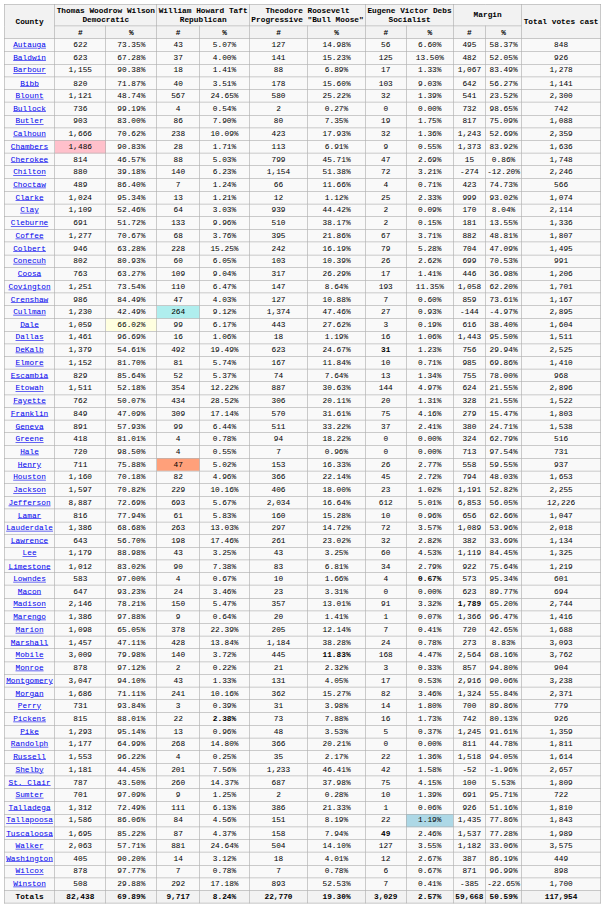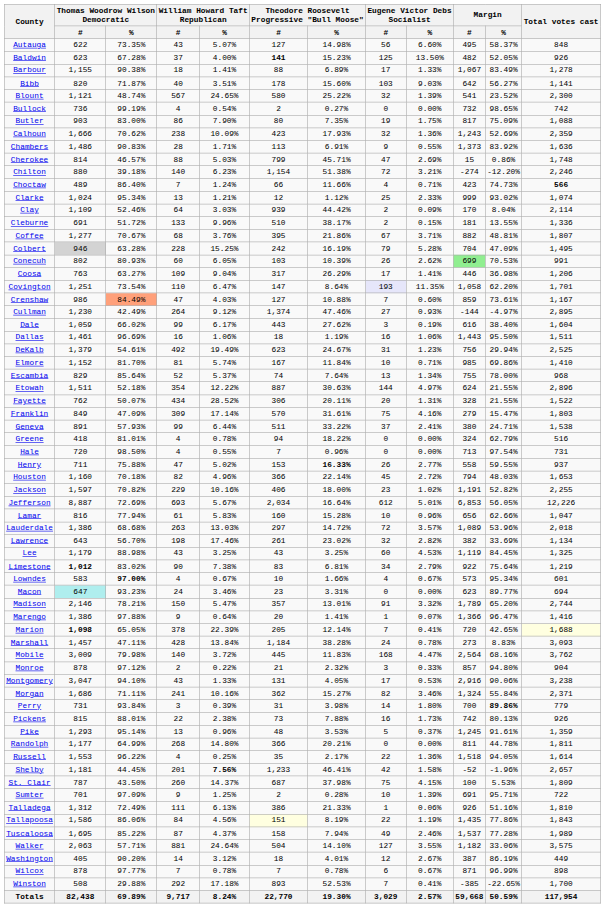 <table class="wikitable sortable mw-collapsible mw-collapsed">
 <tr>
 <th style="text-align:center;" rowspan="2">County</th>
 <th style="text-align:center;" colspan="2">Thomas Woodrow Wilson<br>Democratic</th>
 <th style="text-align:center;" colspan="2">William Howard Taft<br>Republican</th>
 <th style="text-align:center;" colspan="2">Theodore Roosevelt<br>Progressive "Bull Moose"</th>
 <th style="text-align:center;" colspan="2">Eugene Victor Debs<br>Socialist</th>
 <th style="text-align:center;" colspan="2">Margin</th>
 <th style="text-align:center;" rowspan="2">Total votes cast</th>
 </tr>
 <tr>
 <th style="text-align:center;" data-sort-type="number">#</th>
 <th style="text-align:center;" data-sort-type="number">%</th>
 <th style="text-align:center;" data-sort-type="number">#</th>
 <th style="text-align:center;" data-sort-type="number">%</th>
 <th style="text-align:center;" data-sort-type="number">#</th>
 <th style="text-align:center;" data-sort-type="number">%</th>
 <th style="text-align:center;" data-sort-type="number">#</th>
 <th style="text-align:center;" data-sort-type="number">%</th>
 <th style="text-align:center;" data-sort-type="number">#</th>
 <th style="text-align:center;" data-sort-type="number">%</th>
 </tr>
 <tr style="text-align:center;">
 <td><a href='#'>Autauga</a></td>
 <td>622</td>
 <td>73.35%</td>
 <td>43</td>
 <td>5.07%</td>
 <td>127</td>
 <td>14.98%</td>
 <td>56</td>
 <td>6.60%</td>
 <td>495</td>
 <td>58.37%</td>
 <td>848</td>
 </tr>
 <tr style="text-align:center;">
 <td><a href='#'>Baldwin</a></td>
 <td>623</td>
 <td>67.28%</td>
 <td>37</td>
 <td>4.00%</td>
-<td>141</td>
+<td><strong>141</strong></td>
 <td>15.23%</td>
 <td>125</td>
 <td>13.50%</td>
 <td>482</td>
 <td>52.05%</td>
 <td>926</td>
 </tr>
 <tr style="text-align:center;">
 <td><a href='#'>Barbour</a></td>
 <td>1,155</td>
 <td>90.38%</td>
 <td>18</td>
 <td>1.41%</td>
 <td>88</td>
 <td>6.89%</td>
 <td>17</td>
 <td>1.33%</td>
 <td>1,067</td>
 <td>83.49%</td>
 <td>1,278</td>
 </tr>
 <tr style="text-align:center;">
 <td><a href='#'>Bibb</a></td>
 <td>820</td>
 <td>71.87%</td>
 <td>40</td>
 <td>3.51%</td>
 <td>178</td>
 <td>15.60%</td>
 <td>103</td>
 <td>9.03%</td>
 <td>642</td>
 <td>56.27%</td>
 <td>1,141</td>
 </tr>
 <tr style="text-align:center;">
 <td><a href='#'>Blount</a></td>
 <td>1,121</td>
 <td>48.74%</td>
 <td>567</td>
 <td>24.65%</td>
 <td>580</td>
 <td>25.22%</td>
 <td>32</td>
 <td>1.39%</td>
 <td>541</td>
 <td>23.52%</td>
 <td>2,300</td>
 </tr>
 <tr style="text-align:center;">
 <td><a href='#'>Bullock</a></td>
 <td>736</td>
 <td>99.19%</td>
 <td>4</td>
 <td>0.54%</td>
 <td>2</td>
 <td>0.27%</td>
 <td>0</td>
 <td>0.00%</td>
 <td>732</td>
 <td>98.65%</td>
 <td>742</td>
 </tr>
 <tr style="text-align:center;">
 <td><a href='#'>Butler</a></td>
 <td>903</td>
 <td>83.00%</td>
 <td>86</td>
 <td>7.90%</td>
 <td>80</td>
 <td>7.35%</td>
 <td>19</td>
 <td>1.75%</td>
 <td>817</td>
 <td>75.09%</td>
 <td>1,088</td>
 </tr>
 <tr style="text-align:center;">
 <td><a href='#'>Calhoun</a></td>
 <td>1,666</td>
 <td>70.62%</td>
 <td>238</td>
 <td>10.09%</td>
 <td>423</td>
 <td>17.93%</td>
 <td>32</td>
 <td>1.36%</td>
 <td>1,243</td>
 <td>52.69%</td>
 <td>2,359</td>
 </tr>
 <tr style="text-align:center;">
 <td><a href='#'>Chambers</a></td>
-<td style="background: pink;">1,486</td>
+<td>1,486</td>
 <td>90.83%</td>
 <td>28</td>
 <td>1.71%</td>
 <td>113</td>
 <td>6.91%</td>
 <td>9</td>
 <td>0.55%</td>
 <td>1,373</td>
 <td>83.92%</td>
 <td>1,636</td>
 </tr>
 <tr style="text-align:center;">
 <td><a href='#'>Cherokee</a></td>
 <td>814</td>
 <td>46.57%</td>
 <td>88</td>
 <td>5.03%</td>
 <td>799</td>
 <td>45.71%</td>
 <td>47</td>
 <td>2.69%</td>
 <td>15</td>
 <td>0.86%</td>
 <td>1,748</td>
 </tr>
 <tr style="text-align:center;">
 <td><a href='#'>Chilton</a></td>
 <td>880</td>
 <td>39.18%</td>
 <td>140</td>
 <td>6.23%</td>
 <td>1,154</td>
 <td>51.38%</td>
 <td>72</td>
 <td>3.21%</td>
 <td>-274</td>
 <td>-12.20%</td>
 <td>2,246</td>
 </tr>
 <tr style="text-align:center;">
 <td><a href='#'>Choctaw</a></td>
 <td>489</td>
 <td>86.40%</td>
 <td>7</td>
 <td>1.24%</td>
 <td>66</td>
 <td>11.66%</td>
 <td>4</td>
 <td>0.71%</td>
 <td>423</td>
 <td>74.73%</td>
-<td>566</td>
+<td><strong>566</strong></td>
 </tr>
 <tr style="text-align:center;">
 <td><a href='#'>Clarke</a></td>
 <td>1,024</td>
 <td>95.34%</td>
 <td>13</td>
 <td>1.21%</td>
 <td>12</td>
 <td>1.12%</td>
 <td>25</td>
 <td>2.33%</td>
 <td>999</td>
 <td>93.02%</td>
 <td>1,074</td>
 </tr>
 <tr style="text-align:center;">
 <td><a href='#'>Clay</a></td>
 <td>1,109</td>
 <td>52.46%</td>
 <td>64</td>
 <td>3.03%</td>
 <td>939</td>
 <td>44.42%</td>
 <td>2</td>
 <td>0.09%</td>
 <td>170</td>
 <td>8.04%</td>
 <td>2,114</td>
 </tr>
 <tr style="text-align:center;">
 <td><a href='#'>Cleburne</a></td>
 <td>691</td>
 <td>51.72%</td>
 <td>133</td>
 <td>9.96%</td>
 <td>510</td>
 <td>38.17%</td>
 <td>2</td>
 <td>0.15%</td>
 <td>181</td>
 <td>13.55%</td>
 <td>1,336</td>
 </tr>
 <tr style="text-align:center;">
 <td><a href='#'>Coffee</a></td>
 <td>1,277</td>
 <td>70.67%</td>
 <td>68</td>
 <td>3.76%</td>
 <td>395</td>
 <td>21.86%</td>
 <td>67</td>
 <td>3.71%</td>
 <td>882</td>
 <td>48.81%</td>
 <td>1,807</td>
 </tr>
 <tr style="text-align:center;">
 <td><a href='#'>Colbert</a></td>
-<td>946</td>
+<td style="background: lightgrey;">946</td>
 <td>63.28%</td>
 <td>228</td>
 <td>15.25%</td>
 <td>242</td>
 <td>16.19%</td>
 <td>79</td>
 <td>5.28%</td>
 <td>704</td>
 <td>47.09%</td>
 <td>1,495</td>
 </tr>
 <tr style="text-align:center;">
 <td><a href='#'>Conecuh</a></td>
 <td>802</td>
 <td>80.93%</td>
 <td>60</td>
 <td>6.05%</td>
 <td>103</td>
 <td>10.39%</td>
 <td>26</td>
 <td>2.62%</td>
-<td>699</td>
+<td style="background: lightgreen;">699</td>
 <td>70.53%</td>
 <td>991</td>
 </tr>
 <tr style="text-align:center;">
 <td><a href='#'>Coosa</a></td>
 <td>763</td>
 <td>63.27%</td>
 <td>109</td>
 <td>9.04%</td>
 <td>317</td>
 <td>26.29%</td>
 <td>17</td>
 <td>1.41%</td>
 <td>446</td>
 <td>36.98%</td>
 <td>1,206</td>
 </tr>
 <tr style="text-align:center;">
 <td><a href='#'>Covington</a></td>
 <td>1,251</td>
 <td>73.54%</td>
 <td>110</td>
 <td>6.47%</td>
 <td>147</td>
 <td>8.64%</td>
-<td>193</td>
+<td style="background: lavender;">193</td>
 <td>11.35%</td>
 <td>1,058</td>
 <td>62.20%</td>
 <td>1,701</td>
 </tr>
 <tr style="text-align:center;">
 <td><a href='#'>Crenshaw</a></td>
 <td>986</td>
-<td>84.49%</td>
+<td style="background: lightsalmon;">84.49%</td>
 <td>47</td>
 <td>4.03%</td>
 <td>127</td>
 <td>10.88%</td>
 <td>7</td>
 <td>0.60%</td>
 <td>859</td>
 <td>73.61%</td>
 <td>1,167</td>
 </tr>
 <tr style="text-align:center;">
 <td><a href='#'>Cullman</a></td>
 <td>1,230</td>
 <td>42.49%</td>
-<td style="background: paleturquoise;">264</td>
+<td>264</td>
 <td>9.12%</td>
 <td>1,374</td>
 <td>47.46%</td>
 <td>27</td>
 <td>0.93%</td>
 <td>-144</td>
 <td>-4.97%</td>
 <td>2,895</td>
 </tr>
 <tr style="text-align:center;">
 <td><a href='#'>Dale</a></td>
 <td>1,059</td>
-<td style="background: lightyellow;">66.02%</td>
+<td>66.02%</td>
 <td>99</td>
 <td>6.17%</td>
 <td>443</td>
 <td>27.62%</td>
 <td>3</td>
 <td>0.19%</td>
 <td>616</td>
 <td>38.40%</td>
 <td>1,604</td>
 </tr>
 <tr style="text-align:center;">
 <td><a href='#'>Dallas</a></td>
 <td>1,461</td>
 <td>96.69%</td>
 <td>16</td>
 <td>1.06%</td>
 <td>18</td>
 <td>1.19%</td>
 <td>16</td>
 <td>1.06%</td>
 <td>1,443</td>
 <td>95.50%</td>
 <td>1,511</td>
 </tr>
 <tr style="text-align:center;">
 <td><a href='#'>DeKalb</a></td>
 <td>1,379</td>
 <td>54.61%</td>
 <td>492</td>
 <td>19.49%</td>
 <td>623</td>
 <td>24.67%</td>
-<td><strong>31</strong></td>
+<td>31</td>
 <td>1.23%</td>
 <td>756</td>
 <td>29.94%</td>
 <td>2,525</td>
 </tr>
 <tr style="text-align:center;">
 <td><a href='#'>Elmore</a></td>
 <td>1,152</td>
 <td>81.70%</td>
 <td>81</td>
 <td>5.74%</td>
 <td>167</td>
 <td>11.84%</td>
 <td>10</td>
 <td>0.71%</td>
 <td>985</td>
 <td>69.86%</td>
 <td>1,410</td>
 </tr>
 <tr style="text-align:center;">
 <td><a href='#'>Escambia</a></td>
 <td>829</td>
 <td>85.64%</td>
 <td>52</td>
 <td>5.37%</td>
 <td>74</td>
 <td>7.64%</td>
 <td>13</td>
 <td>1.34%</td>
 <td>755</td>
 <td>78.00%</td>
 <td>968</td>
 </tr>
 <tr style="text-align:center;">
 <td><a href='#'>Etowah</a></td>
 <td>1,511</td>
 <td>52.18%</td>
 <td>354</td>
 <td>12.22%</td>
 <td>887</td>
 <td>30.63%</td>
 <td>144</td>
 <td>4.97%</td>
 <td>624</td>
 <td>21.55%</td>
 <td>2,896</td>
 </tr>
 <tr style="text-align:center;">
 <td><a href='#'>Fayette</a></td>
 <td>762</td>
 <td>50.07%</td>
 <td>434</td>
 <td>28.52%</td>
 <td>306</td>
 <td>20.11%</td>
 <td>20</td>
 <td>1.31%</td>
 <td>328</td>
 <td>21.55%</td>
 <td>1,522</td>
 </tr>
 <tr style="text-align:center;">
 <td><a href='#'>Franklin</a></td>
 <td>849</td>
 <td>47.09%</td>
 <td>309</td>
 <td>17.14%</td>
 <td>570</td>
 <td>31.61%</td>
 <td>75</td>
 <td>4.16%</td>
 <td>279</td>
 <td>15.47%</td>
 <td>1,803</td>
 </tr>
 <tr style="text-align:center;">
 <td><a href='#'>Geneva</a></td>
 <td>891</td>
 <td>57.93%</td>
 <td>99</td>
 <td>6.44%</td>
 <td>511</td>
 <td>33.22%</td>
 <td>37</td>
 <td>2.41%</td>
 <td>380</td>
 <td>24.71%</td>
 <td>1,538</td>
 </tr>
 <tr style="text-align:center;">
 <td><a href='#'>Greene</a></td>
 <td>418</td>
 <td>81.01%</td>
 <td>4</td>
 <td>0.78%</td>
 <td>94</td>
 <td>18.22%</td>
 <td>0</td>
 <td>0.00%</td>
 <td>324</td>
 <td>62.79%</td>
 <td>516</td>
 </tr>
 <tr style="text-align:center;">
 <td><a href='#'>Hale</a></td>
 <td>720</td>
 <td>98.50%</td>
 <td>4</td>
 <td>0.55%</td>
 <td>7</td>
 <td>0.96%</td>
 <td>0</td>
 <td>0.00%</td>
 <td>713</td>
 <td>97.54%</td>
 <td>731</td>
 </tr>
 <tr style="text-align:center;">
 <td><a href='#'>Henry</a></td>
 <td>711</td>
 <td>75.88%</td>
-<td style="background: lightsalmon;">47</td>
+<td>47</td>
 <td>5.02%</td>
 <td>153</td>
-<td>16.33%</td>
+<td><strong>16.33%</strong></td>
 <td>26</td>
 <td>2.77%</td>
 <td>558</td>
 <td>59.55%</td>
 <td>937</td>
 </tr>
 <tr style="text-align:center;">
 <td><a href='#'>Houston</a></td>
 <td>1,160</td>
 <td>70.18%</td>
 <td>82</td>
 <td>4.96%</td>
 <td>366</td>
 <td>22.14%</td>
 <td>45</td>
 <td>2.72%</td>
 <td>794</td>
 <td>48.03%</td>
 <td>1,653</td>
 </tr>
 <tr style="text-align:center;">
 <td><a href='#'>Jackson</a></td>
 <td>1,597</td>
 <td>70.82%</td>
 <td>229</td>
 <td>10.16%</td>
 <td>406</td>
 <td>18.00%</td>
 <td>23</td>
 <td>1.02%</td>
 <td>1,191</td>
 <td>52.82%</td>
 <td>2,255</td>
 </tr>
 <tr style="text-align:center;">
 <td><a href='#'>Jefferson</a></td>
 <td>8,887</td>
 <td>72.69%</td>
 <td>693</td>
 <td>5.67%</td>
 <td>2,034</td>
 <td>16.64%</td>
 <td>612</td>
 <td>5.01%</td>
 <td>6,853</td>
 <td>56.05%</td>
 <td>12,226</td>
 </tr>
 <tr style="text-align:center;">
 <td><a href='#'>Lamar</a></td>
 <td>816</td>
 <td>77.94%</td>
 <td>61</td>
 <td>5.83%</td>
 <td>160</td>
 <td>15.28%</td>
 <td>10</td>
 <td>0.96%</td>
 <td>656</td>
 <td>62.66%</td>
 <td>1,047</td>
 </tr>
 <tr style="text-align:center;">
 <td><a href='#'>Lauderdale</a></td>
 <td>1,386</td>
 <td>68.68%</td>
 <td>263</td>
 <td>13.03%</td>
 <td>297</td>
 <td>14.72%</td>
 <td>72</td>
 <td>3.57%</td>
 <td>1,089</td>
 <td>53.96%</td>
 <td>2,018</td>
 </tr>
 <tr style="text-align:center;">
 <td><a href='#'>Lawrence</a></td>
 <td>643</td>
 <td>56.70%</td>
 <td>198</td>
 <td>17.46%</td>
 <td>261</td>
 <td>23.02%</td>
 <td>32</td>
 <td>2.82%</td>
 <td>382</td>
 <td>33.69%</td>
 <td>1,134</td>
 </tr>
 <tr style="text-align:center;">
 <td><a href='#'>Lee</a></td>
 <td>1,179</td>
 <td>88.98%</td>
 <td>43</td>
 <td>3.25%</td>
 <td>43</td>
 <td>3.25%</td>
 <td>60</td>
 <td>4.53%</td>
 <td>1,119</td>
 <td>84.45%</td>
 <td>1,325</td>
 </tr>
 <tr style="text-align:center;">
 <td><a href='#'>Limestone</a></td>
-<td>1,012</td>
+<td><strong>1,012</strong></td>
 <td>83.02%</td>
 <td>90</td>
 <td>7.38%</td>
 <td>83</td>
 <td>6.81%</td>
 <td>34</td>
 <td>2.79%</td>
 <td>922</td>
 <td>75.64%</td>
 <td>1,219</td>
 </tr>
 <tr style="text-align:center;">
 <td><a href='#'>Lowndes</a></td>
 <td>583</td>
-<td>97.00%</td>
+<td><strong>97.00%</strong></td>
 <td>4</td>
 <td>0.67%</td>
 <td>10</td>
 <td>1.66%</td>
 <td>4</td>
-<td><strong>0.67%</strong></td>
+<td>0.67%</td>
 <td>573</td>
 <td>95.34%</td>
 <td>601</td>
 </tr>
 <tr style="text-align:center;">
 <td><a href='#'>Macon</a></td>
-<td>647</td>
+<td style="background: paleturquoise;">647</td>
 <td>93.23%</td>
 <td>24</td>
 <td>3.46%</td>
 <td>23</td>
 <td>3.31%</td>
 <td>0</td>
 <td>0.00%</td>
 <td>623</td>
 <td>89.77%</td>
 <td>694</td>
 </tr>
 <tr style="text-align:center;">
 <td><a href='#'>Madison</a></td>
 <td>2,146</td>
 <td>78.21%</td>
 <td>150</td>
 <td>5.47%</td>
 <td>357</td>
 <td>13.01%</td>
 <td>91</td>
 <td>3.32%</td>
-<td><strong>1,789</strong></td>
+<td>1,789</td>
 <td>65.20%</td>
 <td>2,744</td>
 </tr>
 <tr style="text-align:center;">
 <td><a href='#'>Marengo</a></td>
 <td>1,386</td>
 <td>97.88%</td>
 <td>9</td>
 <td>0.64%</td>
 <td>20</td>
 <td>1.41%</td>
 <td>1</td>
 <td>0.07%</td>
 <td>1,366</td>
 <td>96.47%</td>
 <td>1,416</td>
 </tr>
 <tr style="text-align:center;">
 <td><a href='#'>Marion</a></td>
-<td>1,098</td>
+<td><strong>1,098</strong></td>
 <td>65.05%</td>
 <td>378</td>
 <td>22.39%</td>
 <td>205</td>
 <td>12.14%</td>
 <td>7</td>
 <td>0.41%</td>
 <td>720</td>
 <td>42.65%</td>
-<td>1,688</td>
+<td style="background: lightyellow;">1,688</td>
 </tr>
 <tr style="text-align:center;">
 <td><a href='#'>Marshall</a></td>
 <td>1,457</td>
 <td>47.11%</td>
 <td>428</td>
 <td>13.84%</td>
 <td>1,184</td>
 <td>38.28%</td>
 <td>24</td>
 <td>0.78%</td>
 <td>273</td>
 <td>8.83%</td>
 <td>3,093</td>
 </tr>
 <tr style="text-align:center;">
 <td><a href='#'>Mobile</a></td>
 <td>3,009</td>
 <td>79.98%</td>
 <td>140</td>
 <td>3.72%</td>
 <td>445</td>
-<td><strong>11.83%</strong></td>
+<td>11.83%</td>
 <td>168</td>
 <td>4.47%</td>
 <td>2,564</td>
 <td>68.16%</td>
 <td>3,762</td>
 </tr>
 <tr style="text-align:center;">
 <td><a href='#'>Monroe</a></td>
 <td>878</td>
 <td>97.12%</td>
 <td>2</td>
 <td>0.22%</td>
 <td>21</td>
 <td>2.32%</td>
 <td>3</td>
 <td>0.33%</td>
 <td>857</td>
 <td>94.80%</td>
 <td>904</td>
 </tr>
 <tr style="text-align:center;">
 <td><a href='#'>Montgomery</a></td>
 <td>3,047</td>
 <td>94.10%</td>
 <td>43</td>
 <td>1.33%</td>
 <td>131</td>
 <td>4.05%</td>
 <td>17</td>
 <td>0.53%</td>
 <td>2,916</td>
 <td>90.06%</td>
 <td>3,238</td>
 </tr>
 <tr style="text-align:center;">
 <td><a href='#'>Morgan</a></td>
 <td>1,686</td>
 <td>71.11%</td>
 <td>241</td>
 <td>10.16%</td>
 <td>362</td>
 <td>15.27%</td>
 <td>82</td>
 <td>3.46%</td>
 <td>1,324</td>
 <td>55.84%</td>
 <td>2,371</td>
 </tr>
 <tr style="text-align:center;">
 <td><a href='#'>Perry</a></td>
 <td>731</td>
 <td>93.84%</td>
 <td>3</td>
 <td>0.39%</td>
 <td>31</td>
 <td>3.98%</td>
 <td>14</td>
 <td>1.80%</td>
 <td>700</td>
-<td>89.86%</td>
+<td><strong>89.86%</strong></td>
 <td>779</td>
 </tr>
 <tr style="text-align:center;">
 <td><a href='#'>Pickens</a></td>
 <td>815</td>
 <td>88.01%</td>
 <td>22</td>
-<td><strong>2.38%</strong></td>
+<td>2.38%</td>
 <td>73</td>
 <td>7.88%</td>
 <td>16</td>
 <td>1.73%</td>
 <td>742</td>
 <td>80.13%</td>
 <td>926</td>
 </tr>
 <tr style="text-align:center;">
 <td><a href='#'>Pike</a></td>
 <td>1,293</td>
 <td>95.14%</td>
 <td>13</td>
 <td>0.96%</td>
 <td>48</td>
 <td>3.53%</td>
 <td>5</td>
 <td>0.37%</td>
 <td>1,245</td>
 <td>91.61%</td>
 <td>1,359</td>
 </tr>
 <tr style="text-align:center;">
 <td><a href='#'>Randolph</a></td>
 <td>1,177</td>
 <td>64.99%</td>
 <td>268</td>
 <td>14.80%</td>
 <td>366</td>
 <td>20.21%</td>
 <td>0</td>
 <td>0.00%</td>
 <td>811</td>
 <td>44.78%</td>
 <td>1,811</td>
 </tr>
 <tr style="text-align:center;">
 <td><a href='#'>Russell</a></td>
 <td>1,553</td>
 <td>96.22%</td>
 <td>4</td>
 <td>0.25%</td>
 <td>35</td>
 <td>2.17%</td>
 <td>22</td>
 <td>1.36%</td>
 <td>1,518</td>
 <td>94.05%</td>
 <td>1,614</td>
 </tr>
 <tr style="text-align:center;">
 <td><a href='#'>Shelby</a></td>
 <td>1,181</td>
 <td>44.45%</td>
 <td>201</td>
-<td>7.56%</td>
+<td><strong>7.56%</strong></td>
 <td>1,233</td>
 <td>46.41%</td>
 <td>42</td>
 <td>1.58%</td>
 <td>-52</td>
 <td>-1.96%</td>
 <td>2,657</td>
 </tr>
 <tr style="text-align:center;">
 <td><a href='#'>St. Clair</a></td>
 <td>787</td>
 <td>43.50%</td>
 <td>260</td>
 <td>14.37%</td>
 <td>687</td>
 <td>37.98%</td>
 <td>75</td>
 <td>4.15%</td>
 <td>100</td>
 <td>5.53%</td>
 <td>1,809</td>
 </tr>
 <tr style="text-align:center;">
 <td><a href='#'>Sumter</a></td>
 <td>701</td>
 <td>97.09%</td>
 <td>9</td>
 <td>1.25%</td>
 <td>2</td>
 <td>0.28%</td>
 <td>10</td>
 <td>1.39%</td>
 <td>691</td>
 <td>95.71%</td>
 <td>722</td>
 </tr>
 <tr style="text-align:center;">
 <td><a href='#'>Talladega</a></td>
 <td>1,312</td>
 <td>72.49%</td>
 <td>111</td>
 <td>6.13%</td>
 <td>386</td>
 <td>21.33%</td>
 <td>1</td>
 <td>0.06%</td>
 <td>926</td>
 <td>51.16%</td>
 <td>1,810</td>
 </tr>
 <tr style="text-align:center;">
 <td><a href='#'>Tallapoosa</a></td>
 <td>1,586</td>
 <td>86.06%</td>
 <td>84</td>
 <td>4.56%</td>
-<td>151</td>
+<td style="background: lightyellow;">151</td>
 <td>8.19%</td>
 <td>22</td>
-<td style="background: lightblue;">1.19%</td>
+<td>1.19%</td>
 <td>1,435</td>
 <td>77.86%</td>
 <td>1,843</td>
 </tr>
 <tr style="text-align:center;">
 <td><a href='#'>Tuscaloosa</a></td>
 <td>1,695</td>
 <td>85.22%</td>
 <td>87</td>
 <td>4.37%</td>
 <td>158</td>
 <td>7.94%</td>
-<td><strong>49</strong></td>
+<td>49</td>
 <td>2.46%</td>
 <td>1,537</td>
 <td>77.28%</td>
 <td>1,989</td>
 </tr>
 <tr style="text-align:center;">
 <td><a href='#'>Walker</a></td>
 <td>2,063</td>
 <td>57.71%</td>
 <td>881</td>
 <td>24.64%</td>
 <td>504</td>
 <td>14.10%</td>
 <td>127</td>
 <td>3.55%</td>
 <td>1,182</td>
 <td>33.06%</td>
 <td>3,575</td>
 </tr>
 <tr style="text-align:center;">
 <td><a href='#'>Washington</a></td>
 <td>405</td>
 <td>90.20%</td>
 <td>14</td>
 <td>3.12%</td>
 <td>18</td>
 <td>4.01%</td>
 <td>12</td>
 <td>2.67%</td>
 <td>387</td>
 <td>86.19%</td>
 <td>449</td>
 </tr>
 <tr style="text-align:center;">
 <td><a href='#'>Wilcox</a></td>
 <td>878</td>
 <td>97.77%</td>
 <td>7</td>
 <td>0.78%</td>
 <td>7</td>
 <td>0.78%</td>
 <td>6</td>
 <td>0.67%</td>
 <td>871</td>
 <td>96.99%</td>
 <td>898</td>
 </tr>
 <tr style="text-align:center;">
 <td><a href='#'>Winston</a></td>
 <td>508</td>
 <td>29.88%</td>
 <td>292</td>
 <td>17.18%</td>
 <td>893</td>
 <td>52.53%</td>
 <td>7</td>
 <td>0.41%</td>
 <td>-385</td>
 <td>-22.65%</td>
 <td>1,700</td>
 </tr>
 <tr style="text-align:center;">
 <th>Totals</th>
 <th>82,438</th>
 <th>69.89%</th>
 <th>9,717</th>
 <th>8.24%</th>
 <th>22,770</th>
 <th>19.30%</th>
 <th>3,029</th>
 <th>2.57%</th>
 <th>59,668</th>
 <th>50.59%</th>
 <th>117,954</th>
 </tr>
 </table>
